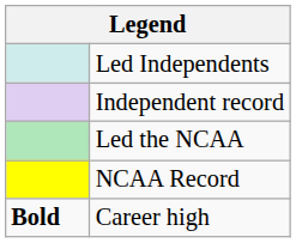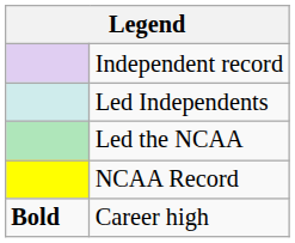 <table class="wikitable">
 <tr>
 <th colspan="2">Legend</th>
 </tr>
 <tr>
+<td style="background:#E0CEF2; width:3em"></td>
+<td>Independent record</td>
+</tr>
+<tr>
 <td style="background:#cfecec; width:3em;"></td>
 <td>Led Independents</td>
-</tr>
-<tr>
-<td style="background:#E0CEF2; width:3em"></td>
-<td>Independent record</td>
 </tr>
 <tr>
 <td style="background:#afe6ba; width:3em;"></td>
 <td>Led the NCAA</td>
 </tr>
 <tr>
 <td style="background:#ff0; width:3em;"></td>
 <td>NCAA Record</td>
 </tr>
 <tr>
 <td><strong>Bold</strong></td>
 <td>Career high</td>
 </tr>
 </table>
